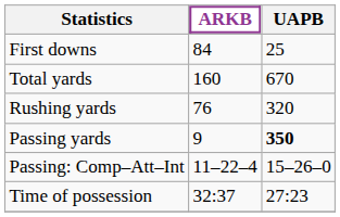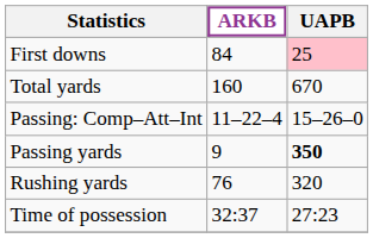 <table class="wikitable" style="float: left;">
 <tr>
 <th>Statistics</th>
 <th style="background-color:#FFFFFF;color:#8F3692;box-shadow: inset 2px 2px 0 #8F3692, inset -2px -2px 0 #8F3692">ARKB</th>
 <th>UAPB</th>
 </tr>
 <tr>
 <td>First downs</td>
 <td>84</td>
-<td>25</td>
+<td style="background: pink;">25</td>
 </tr>
 <tr>
 <td>Total yards</td>
 <td>160</td>
 <td>670</td>
 </tr>
 <tr>
-<td>Rushing yards</td>
-<td>76</td>
-<td>320</td>
+<td>Passing: Comp–Att–Int</td>
+<td>11–22–4</td>
+<td>15–26–0</td>
 </tr>
 <tr>
 <td>Passing yards</td>
 <td>9</td>
 <td><strong>350</strong></td>
 </tr>
 <tr>
-<td>Passing: Comp–Att–Int</td>
-<td>11–22–4</td>
-<td>15–26–0</td>
+<td>Rushing yards</td>
+<td>76</td>
+<td>320</td>
 </tr>
 <tr>
 <td>Time of possession</td>
 <td>32:37</td>
 <td>27:23</td>
 </tr>
 <tr>
 </tr>
 </table>
